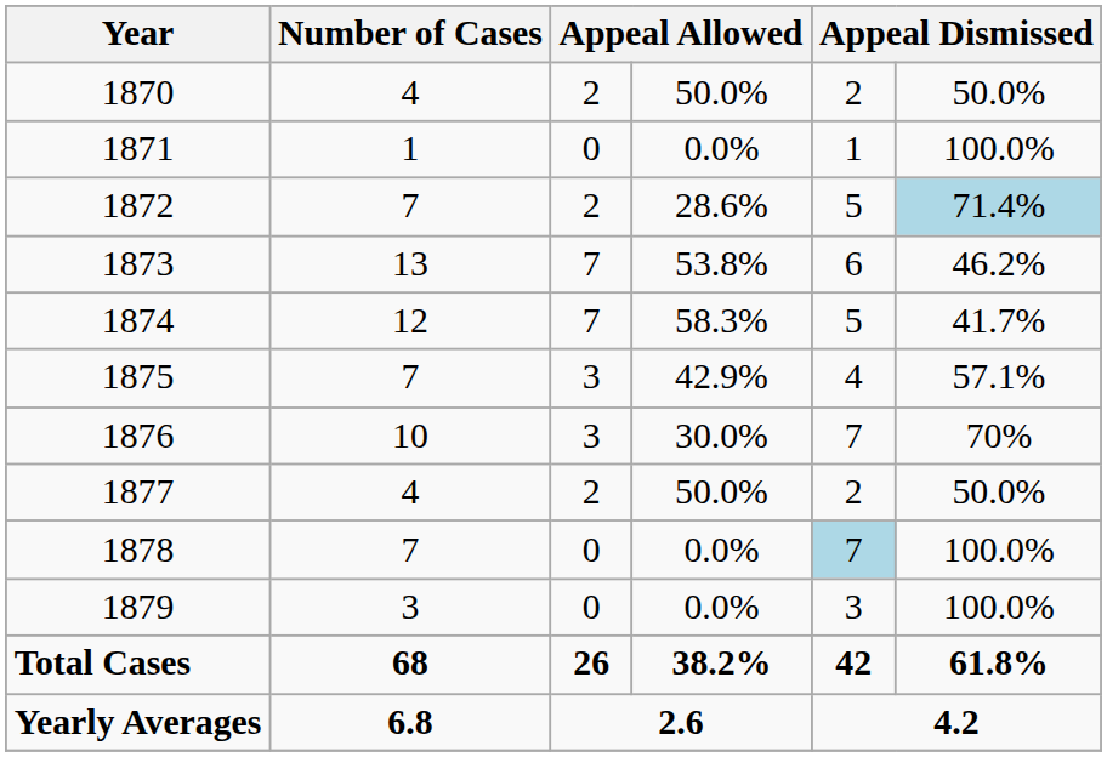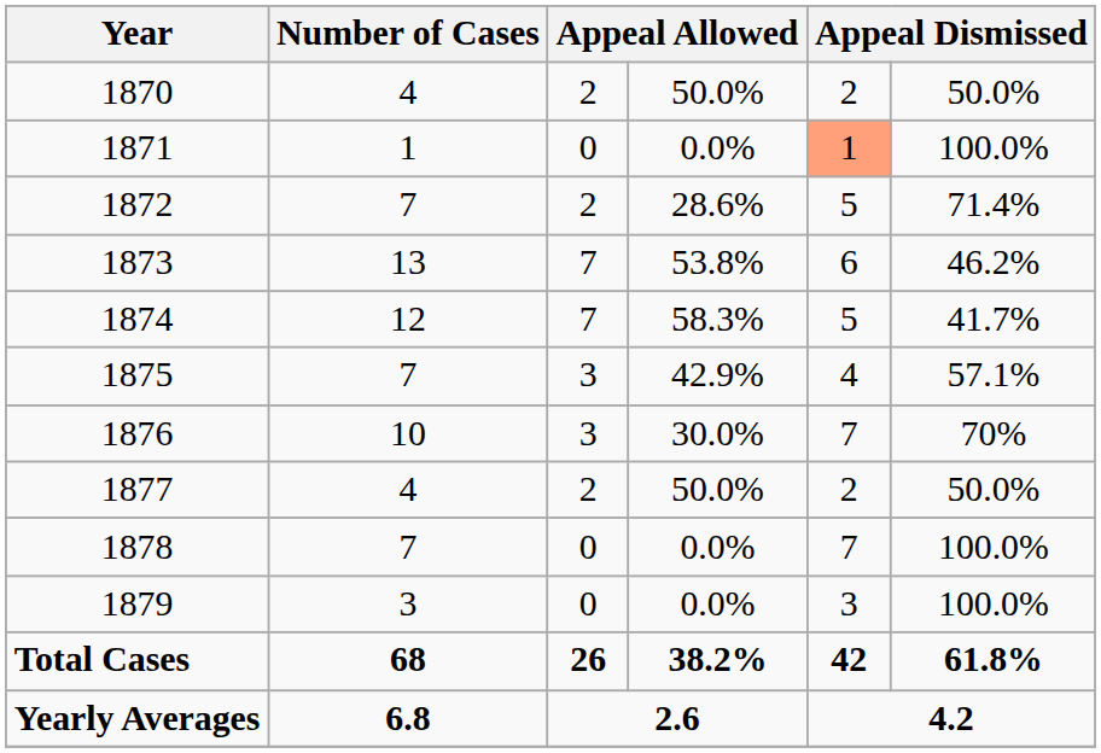 <table class="wikitable sortable">
 <tr>
 <th>Year</th>
 <th>Number of Cases</th>
 <th colspan=2>Appeal Allowed</th>
 <th colspan=2>Appeal Dismissed</th>
 </tr>
 <tr>
 <td style="text-align: center;">1870</td>
 <td style="text-align: center;">4</td>
 <td style="text-align: center;">2</td>
 <td style="text-align: center;">50.0%</td>
 <td style="text-align: center;">2</td>
 <td style="text-align: center;">50.0%</td>
 </tr>
 <tr>
 <td style="text-align: center;">1871</td>
 <td style="text-align: center;">1</td>
 <td style="text-align: center;">0</td>
 <td style="text-align: center;">0.0%</td>
-<td style="text-align: center;">1</td>
+<td style="background: lightsalmon; text-align: center;">1</td>
 <td style="text-align: center;">100.0%</td>
 </tr>
 <tr>
 <td style="text-align: center;">1872</td>
 <td style="text-align: center;">7</td>
 <td style="text-align: center;">2</td>
 <td style="text-align: center;">28.6%</td>
 <td style="text-align: center;">5</td>
-<td style="background: lightblue; text-align: center;">71.4%</td>
+<td style="text-align: center;">71.4%</td>
 </tr>
 <tr>
 <td style="text-align: center;">1873</td>
 <td style="text-align: center;">13</td>
 <td style="text-align: center;">7</td>
 <td style="text-align: center;">53.8%</td>
 <td style="text-align: center;">6</td>
 <td style="text-align: center;">46.2%</td>
 </tr>
 <tr>
 <td style="text-align: center;">1874</td>
 <td style="text-align: center;">12</td>
 <td style="text-align: center;">7</td>
 <td style="text-align: center;">58.3%</td>
 <td style="text-align: center;">5</td>
 <td style="text-align: center;">41.7%</td>
 </tr>
 <tr>
 <td style="text-align: center;">1875</td>
 <td style="text-align: center;">7</td>
 <td style="text-align: center;">3</td>
 <td style="text-align: center;">42.9%</td>
 <td style="text-align: center;">4</td>
 <td style="text-align: center;">57.1%</td>
 </tr>
 <tr>
 <td style="text-align: center;">1876</td>
 <td style="text-align: center;">10</td>
 <td style="text-align: center;">3</td>
 <td style="text-align: center;">30.0%</td>
 <td style="text-align: center;">7</td>
 <td style="text-align: center;">70%</td>
 </tr>
 <tr>
 <td style="text-align: center;">1877</td>
 <td style="text-align: center;">4</td>
 <td style="text-align: center;">2</td>
 <td style="text-align: center;">50.0%</td>
 <td style="text-align: center;">2</td>
 <td style="text-align: center;">50.0%</td>
 </tr>
 <tr>
 <td style="text-align: center;">1878</td>
 <td style="text-align: center;">7</td>
 <td style="text-align: center;">0</td>
 <td style="text-align: center;">0.0%</td>
-<td style="background: lightblue; text-align: center;">7</td>
+<td style="text-align: center;">7</td>
 <td style="text-align: center;">100.0%</td>
 </tr>
 <tr>
 <td style="text-align: center;">1879</td>
 <td style="text-align: center;">3</td>
 <td style="text-align: center;">0</td>
 <td style="text-align: center;">0.0%</td>
 <td style="text-align: center;">3</td>
 <td style="text-align: center;">100.0%</td>
 </tr>
 <tr>
 <td><strong>Total Cases</strong></td>
 <td style="text-align: center;"><strong>68</strong></td>
 <td style="text-align: center;"><strong>26</strong></td>
 <td style="text-align: center;"><strong>38.2%</strong></td>
 <td style="text-align: center;"><strong>42</strong></td>
 <td style="text-align: center;"><strong>61.8%</strong></td>
 </tr>
 <tr>
 <td><strong>Yearly Averages</strong></td>
 <td style="text-align: center;"><strong>6.8</strong></td>
 <td colspan=2 style="text-align:center;"><strong>2.6</strong></td>
 <td colspan=2 style="text-align:center;"><strong>4.2</strong></td>
 </tr>
 <tr>
 </tr>
 </table>
